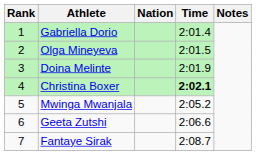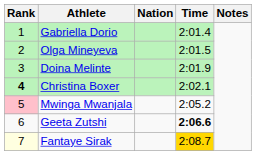 <table class="wikitable sortable" style="text-align:center">
 <tr>
 <th>Rank</th>
 <th>Athlete</th>
 <th>Nation</th>
 <th>Time</th>
 <th>Notes</th>
 </tr>
 <tr style="background:#bbf3bb;">
 <td>1</td>
 <td align=left><a href='#'>Gabriella Dorio</a></td>
 <td align=left></td>
 <td>2:01.4</td>
 </tr>
 <tr style="background:#bbf3bb;">
 <td>2</td>
 <td align=left><a href='#'>Olga Mineyeva</a></td>
 <td align=left></td>
 <td>2:01.5</td>
 </tr>
 <tr style="background:#bbf3bb;">
 <td>3</td>
 <td align=left><a href='#'>Doina Melinte</a></td>
 <td align=left></td>
 <td>2:01.9</td>
 </tr>
 <tr style="background:#bbf3bb;">
-<td>4</td>
+<td><strong>4</strong></td>
 <td align=left><a href='#'>Christina Boxer</a></td>
 <td align=left></td>
-<td><strong>2:02.1</strong></td>
+<td>2:02.1</td>
 </tr>
 <tr>
-<td>5</td>
+<td style="background: pink;">5</td>
 <td align=left><a href='#'>Mwinga Mwanjala</a></td>
 <td align=left></td>
 <td>2:05.2</td>
 </tr>
 <tr>
 <td>6</td>
 <td align=left><a href='#'>Geeta Zutshi</a></td>
 <td align=left></td>
-<td>2:06.6</td>
+<td><strong>2:06.6</strong></td>
 </tr>
 <tr>
-<td>7</td>
+<td style="background: lightyellow;">7</td>
 <td align=left><a href='#'>Fantaye Sirak</a></td>
 <td align=left></td>
-<td>2:08.7</td>
+<td style="background: gold;">2:08.7</td>
 </tr>
 </table>
